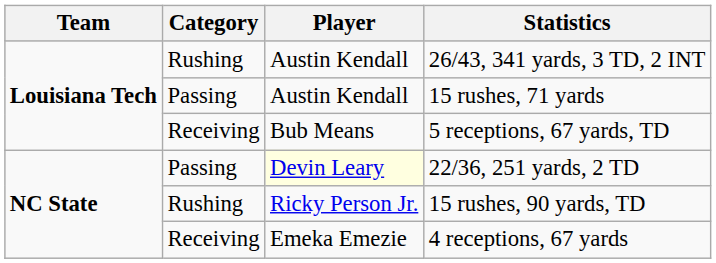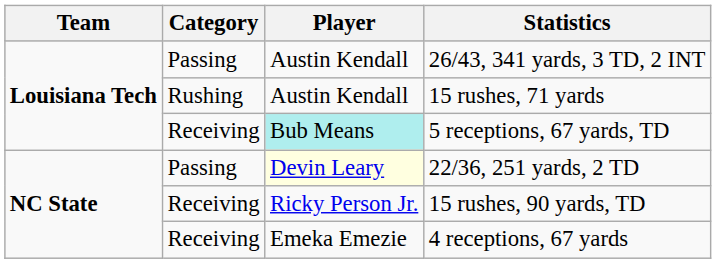 <table class="wikitable" style="float: right;">
 <tr>
 <th>Team</th>
 <th>Category</th>
 <th>Player</th>
 <th>Statistics</th>
 </tr>
 <tr>
 <td rowspan=3><strong>Louisiana Tech</strong></td>
-<td>Rushing</td>
+<td>Passing</td>
 <td>Austin Kendall</td>
 <td>26/43, 341 yards, 3 TD, 2 INT</td>
 </tr>
 <tr>
-<td>Passing</td>
+<td>Rushing</td>
 <td>Austin Kendall</td>
 <td>15 rushes, 71 yards</td>
 </tr>
 <tr>
 <td>Receiving</td>
-<td>Bub Means</td>
+<td style="background: paleturquoise;">Bub Means</td>
 <td>5 receptions, 67 yards, TD</td>
 </tr>
 <tr>
 <td rowspan=3><strong>NC State</strong></td>
 <td>Passing</td>
 <td style="background: lightyellow;"><a href='#'>Devin Leary</a></td>
 <td>22/36, 251 yards, 2 TD</td>
 </tr>
 <tr>
-<td>Rushing</td>
+<td>Receiving</td>
 <td><a href='#'>Ricky Person Jr.</a></td>
 <td>15 rushes, 90 yards, TD</td>
 </tr>
 <tr>
 <td>Receiving</td>
 <td>Emeka Emezie</td>
 <td>4 receptions, 67 yards</td>
 </tr>
 </table>
